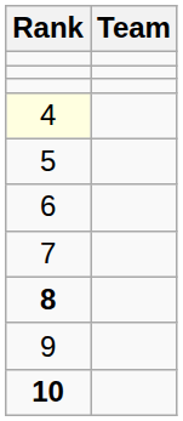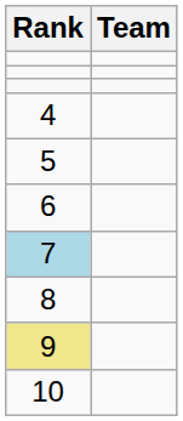 <table class="wikitable">
 <tr>
 <th>Rank</th>
 <th>Team</th>
 </tr>
 <tr>
 <td align=center></td>
 <td></td>
 </tr>
 <tr>
 <td align=center></td>
 <td></td>
 </tr>
 <tr>
 <td align=center></td>
 <td></td>
 </tr>
 <tr>
-<td align=center style="background: lightyellow;">4</td>
+<td align=center>4</td>
 <td></td>
 </tr>
 <tr>
 <td align=center>5</td>
 <td></td>
 </tr>
 <tr>
 <td align=center>6</td>
 <td></td>
 </tr>
 <tr>
-<td align=center>7</td>
+<td align=center style="background: lightblue;">7</td>
 <td></td>
 </tr>
 <tr>
-<td align=center><strong>8</strong></td>
+<td align=center>8</td>
 <td></td>
 </tr>
 <tr>
-<td align=center>9</td>
+<td align=center style="background: khaki;">9</td>
 <td></td>
 </tr>
 <tr>
-<td align=center><strong>10</strong></td>
+<td align=center>10</td>
 <td></td>
 </tr>
 </table>
